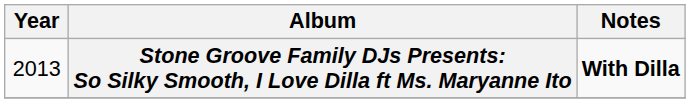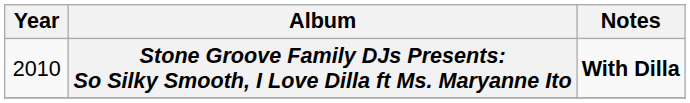 <table class="wikitable plainrowheaders" style="text-align:center;">
 <tr>
 <th scope="col" rowspan="1" style="width:2.5em;">Year</th>
 <th scope="col" rowspan="1">Album</th>
 <th scope="col" rowspan="1">Notes</th>
 </tr>
 <tr>
-<td rowspan="1">2013</td>
+<td rowspan="1">2010</td>
 <th scope="row"><em>Stone Groove Family DJs Presents:<br>So Silky Smooth, I Love Dilla ft Ms. Maryanne Ito</em></th>
 <td><strong>With Dilla</strong></td>
 </tr>
 <tr>
 </tr>
 </table>
